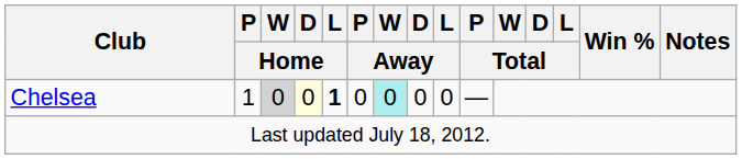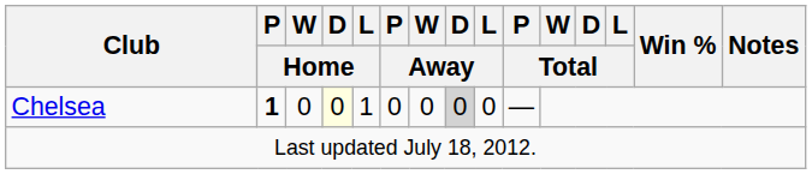 <table class="wikitable sortable" style="text-align:center;">
 <tr>
 <th width="150" rowspan="2">Club</th>
 <th>P</th>
 <th>W</th>
 <th>D</th>
 <th>L</th>
 <th>P</th>
 <th>W</th>
 <th>D</th>
 <th>L</th>
 <th>P</th>
 <th>W</th>
 <th>D</th>
 <th>L</th>
 <th rowspan="2">Win %</th>
 <th class="unsortable" rowspan="2">Notes</th>
 </tr>
 <tr class="unsortable">
 <th colspan="4">Home</th>
 <th colspan="4">Away</th>
 <th colspan="4">Total</th>
 </tr>
 <tr>
 <td align="left"> <a href='#'>Chelsea</a></td>
-<td>1</td>
+<td><strong>1</strong></td>
+<td>0</td>
+<td style="background: lightyellow;">0</td>
+<td>1<br></td>
+<td>0</td>
+<td>0</td>
 <td style="background: lightgrey;">0</td>
-<td style="background: lightyellow;">0</td>
-<td><strong>1<br></strong></td>
-<td>0</td>
-<td style="background: paleturquoise;">0</td>
-<td>0</td>
 <td>0<br> </td>
 <td>—</td>
 </tr>
 <tr class="sortbottom">
 <td class="unsortable" colspan="18"><small>Last updated July 18, 2012.</small></td>
 </tr>
 </table>
